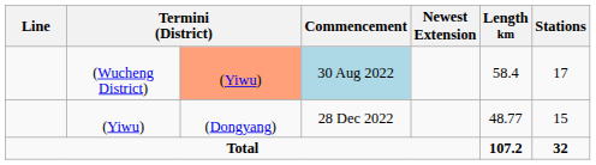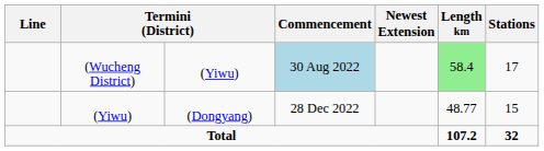 <table class="wikitable sortable" style="cell-padding:1.5; font-size:96%; text-align:center;">
 <tr>
 <th data-sort-type="text"style="width:120px;">Line</th>
 <th class="unsortable" colspan="2" style="width:450px; line-height:1.05">Termini<br>(District)</th>
 <th>Commencement</th>
 <th>Newest<br>Extension</th>
 <th style="line-height:1.05">Length<br><small>km</small></th>
 <th style="line-height:1.05">Stations</th>
 </tr>
 <tr>
 <td style="text-align:center; line-height:1.05"></td>
 <td style="text-align:center; width:225px; line-height:1.05"><strong></strong><br>(<a href='#'>Wucheng District</a>)</td>
-<td style="background: lightsalmon; text-align:center; width:225px; line-height:1.05"><strong></strong><br>(<a href='#'>Yiwu</a>)</td>
+<td style="text-align:center; width:225px; line-height:1.05"><strong></strong><br>(<a href='#'>Yiwu</a>)</td>
 <td style="background: lightblue; text-align:center; line-height:1.05">30 Aug 2022</td>
 <td style="text-align:center; line-height:1.05"></td>
-<td style="text-align:center; line-height:1.05">58.4</td>
+<td style="background: lightgreen; text-align:center; line-height:1.05">58.4</td>
 <td style="text-align:center; line-height:1.05">17</td>
 </tr>
 <tr>
 <td style="text-align:center; line-height:1.05"></td>
 <td style="text-align:center; width:225px; line-height:1.05"><strong></strong><br>(<a href='#'>Yiwu</a>)</td>
 <td style="text-align:center; width:225px; line-height:1.05"><strong></strong><br>(<a href='#'>Dongyang</a>)</td>
 <td style="text-align:center; line-height:1.05">28 Dec 2022</td>
 <td style="text-align:center; line-height:1.05"></td>
 <td style="text-align:center; line-height:1.05">48.77</td>
 <td style="text-align:center; line-height:1.05">15</td>
 </tr>
 <tr class="sortbottom">
 <td style="text-align:center; line-height:1.05" colspan="5"><strong>Total</strong></td>
 <td style="text-align:center; line-height:1.05"><strong>107.2</strong></td>
 <td style="text-align:center; line-height:1.05"><strong>32</strong></td>
 </tr>
 </table>
